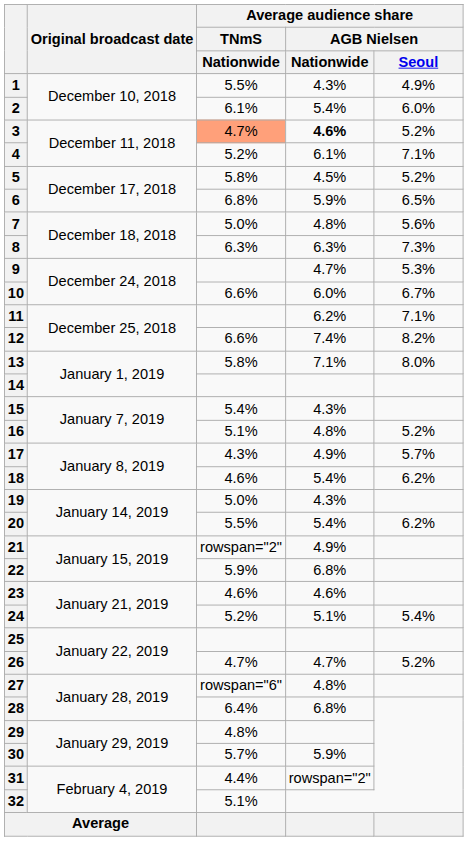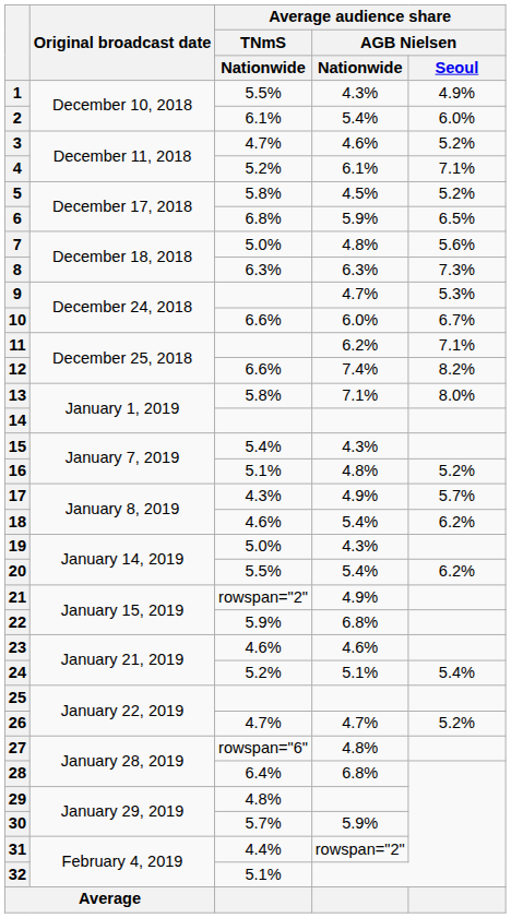 <table class="wikitable" style="text-align:center">
 <tr>
 <th rowspan="3"></th>
 <th rowspan="3">Original broadcast date</th>
 <th colspan="3">Average audience share</th>
 </tr>
 <tr>
 <th colspan="1">TNmS</th>
 <th colspan="2">AGB Nielsen</th>
 </tr>
 <tr>
 <th width="90">Nationwide</th>
 <th width="90">Nationwide</th>
 <th width="90"><a href='#'>Seoul</a></th>
 </tr>
 <tr>
 <th>1</th>
 <td rowspan="2">December 10, 2018</td>
 <td>5.5%</td>
 <td>4.3% </td>
 <td>4.9% </td>
 </tr>
 <tr>
 <th>2</th>
 <td>6.1%</td>
 <td>5.4% </td>
 <td>6.0% </td>
 </tr>
 <tr>
 <th>3</th>
 <td rowspan="2">December 11, 2018</td>
-<td style="background: lightsalmon;">4.7%</td>
-<td><strong>4.6% </strong></td>
+<td>4.7%</td>
+<td>4.6% </td>
 <td>5.2% </td>
 </tr>
 <tr>
 <th>4</th>
 <td>5.2%</td>
 <td>6.1% </td>
 <td>7.1% </td>
 </tr>
 <tr>
 <th>5</th>
 <td rowspan="2">December 17, 2018</td>
 <td>5.8%</td>
 <td>4.5% </td>
 <td>5.2% </td>
 </tr>
 <tr>
 <th>6</th>
 <td>6.8%</td>
 <td>5.9% </td>
 <td>6.5% </td>
 </tr>
 <tr>
 <th>7</th>
 <td rowspan="2">December 18, 2018</td>
 <td>5.0%</td>
 <td>4.8% </td>
 <td>5.6% </td>
 </tr>
 <tr>
 <th>8</th>
 <td>6.3%</td>
 <td>6.3% </td>
 <td>7.3% </td>
 </tr>
 <tr>
 <th>9</th>
 <td rowspan="2">December 24, 2018</td>
 <td></td>
 <td>4.7% </td>
 <td>5.3% </td>
 </tr>
 <tr>
 <th>10</th>
 <td>6.6%</td>
 <td>6.0% </td>
 <td>6.7% </td>
 </tr>
 <tr>
 <th>11</th>
 <td rowspan="2">December 25, 2018</td>
 <td></td>
 <td>6.2% </td>
 <td>7.1% </td>
 </tr>
 <tr>
 <th>12</th>
 <td>6.6%</td>
 <td>7.4% </td>
 <td>8.2% </td>
 </tr>
 <tr>
 <th>13</th>
 <td rowspan="2">January 1, 2019</td>
 <td>5.8%</td>
 <td>7.1% </td>
 <td>8.0% </td>
 </tr>
 <tr>
 <th>14</th>
 <td></td>
 <td> </td>
 <td> </td>
 </tr>
 <tr>
 <th>15</th>
 <td rowspan="2">January 7, 2019</td>
 <td>5.4%</td>
 <td>4.3% </td>
 <td> </td>
 </tr>
 <tr>
 <th>16</th>
 <td>5.1%</td>
 <td>4.8% </td>
 <td>5.2% </td>
 </tr>
 <tr>
 <th>17</th>
 <td rowspan="2">January 8, 2019</td>
 <td>4.3%</td>
 <td>4.9% </td>
 <td>5.7% </td>
 </tr>
 <tr>
 <th>18</th>
 <td>4.6%</td>
 <td>5.4% </td>
 <td>6.2% </td>
 </tr>
 <tr>
 <th>19</th>
 <td rowspan="2">January 14, 2019</td>
 <td>5.0%</td>
 <td>4.3% </td>
 <td></td>
 </tr>
 <tr>
 <th>20</th>
 <td>5.5%</td>
 <td>5.4% </td>
 <td>6.2% </td>
 </tr>
 <tr>
 <th>21</th>
 <td rowspan="2">January 15, 2019</td>
 <td>rowspan="2" </td>
 <td>4.9% </td>
 <td></td>
 </tr>
 <tr>
 <th>22</th>
 <td>5.9% </td>
 <td>6.8% </td>
 </tr>
 <tr>
 <th>23</th>
 <td rowspan="2">January 21, 2019</td>
 <td>4.6%</td>
 <td>4.6% </td>
 <td></td>
 </tr>
 <tr>
 <th>24</th>
 <td>5.2%</td>
 <td>5.1% </td>
 <td>5.4% </td>
 </tr>
 <tr>
 <th>25</th>
 <td rowspan="2">January 22, 2019</td>
 <td></td>
 <td> </td>
 <td></td>
 </tr>
 <tr>
 <th>26</th>
 <td>4.7%</td>
 <td>4.7% </td>
 <td>5.2% </td>
 </tr>
 <tr>
 <th>27</th>
 <td rowspan="2">January 28, 2019</td>
 <td>rowspan="6" </td>
 <td>4.8% </td>
 <td></td>
 </tr>
 <tr>
 <th>28</th>
 <td>6.4% </td>
 <td>6.8% </td>
 </tr>
 <tr>
 <th>29</th>
 <td rowspan="2">January 29, 2019</td>
 <td>4.8% </td>
 <td></td>
 </tr>
 <tr>
 <th>30</th>
 <td>5.7% </td>
 <td>5.9% </td>
 </tr>
 <tr>
 <th>31</th>
 <td rowspan="2">February 4, 2019</td>
 <td>4.4% </td>
 <td>rowspan="2" </td>
 </tr>
 <tr>
 <th>32</th>
 <td>5.1% </td>
 </tr>
 <tr>
 <th colspan="2">Average</th>
 <th></th>
 <th></th>
 <th></th>
 </tr>
 </table>
